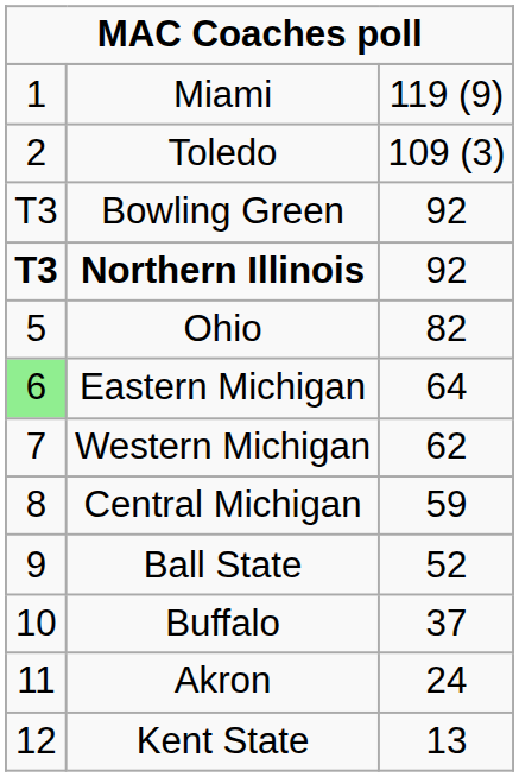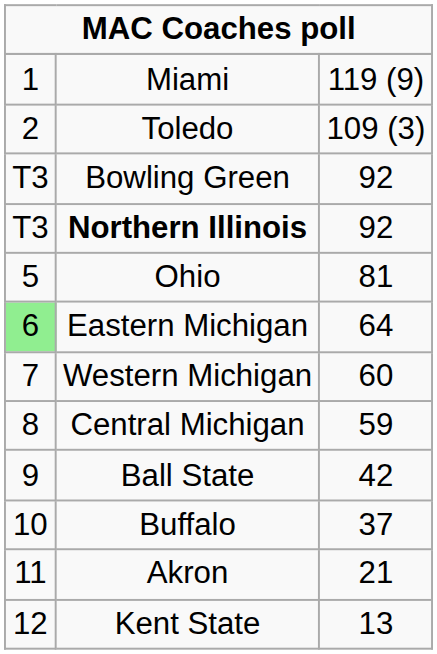 <table class="wikitable" style="display: inline-table;">
 <tr align="center">
 <td align="center" Colspan="3"><strong>MAC Coaches poll</strong></td>
 </tr>
 <tr align="center">
 </tr>
 <tr align="center">
 <td>1</td>
 <td>Miami</td>
 <td>119 (9)</td>
 </tr>
 <tr align="center">
 <td>2</td>
 <td>Toledo</td>
 <td>109 (3)</td>
 </tr>
 <tr align="center">
 <td>T3</td>
 <td>Bowling Green</td>
 <td>92</td>
 </tr>
 <tr align="center">
-<td><strong>T3</strong></td>
+<td>T3</td>
 <td><strong>Northern Illinois</strong></td>
 <td>92</td>
 </tr>
 <tr align="center">
 <td>5</td>
 <td>Ohio</td>
-<td>82</td>
+<td>81</td>
 </tr>
 <tr align="center">
 <td style="background: lightgreen;">6</td>
 <td>Eastern Michigan</td>
 <td>64</td>
 </tr>
 <tr align="center">
 <td>7</td>
 <td>Western Michigan</td>
-<td>62</td>
+<td>60</td>
 </tr>
 <tr align="center">
 <td>8</td>
 <td>Central Michigan</td>
 <td>59</td>
 </tr>
 <tr align="center">
 <td>9</td>
 <td>Ball State</td>
-<td>52</td>
+<td>42</td>
 </tr>
 <tr align="center">
 <td>10</td>
 <td>Buffalo</td>
 <td>37</td>
 </tr>
 <tr align="center">
 <td>11</td>
 <td>Akron</td>
-<td>24</td>
+<td>21</td>
 </tr>
 <tr align="center">
 <td>12</td>
 <td>Kent State</td>
 <td>13</td>
 </tr>
 </table>
